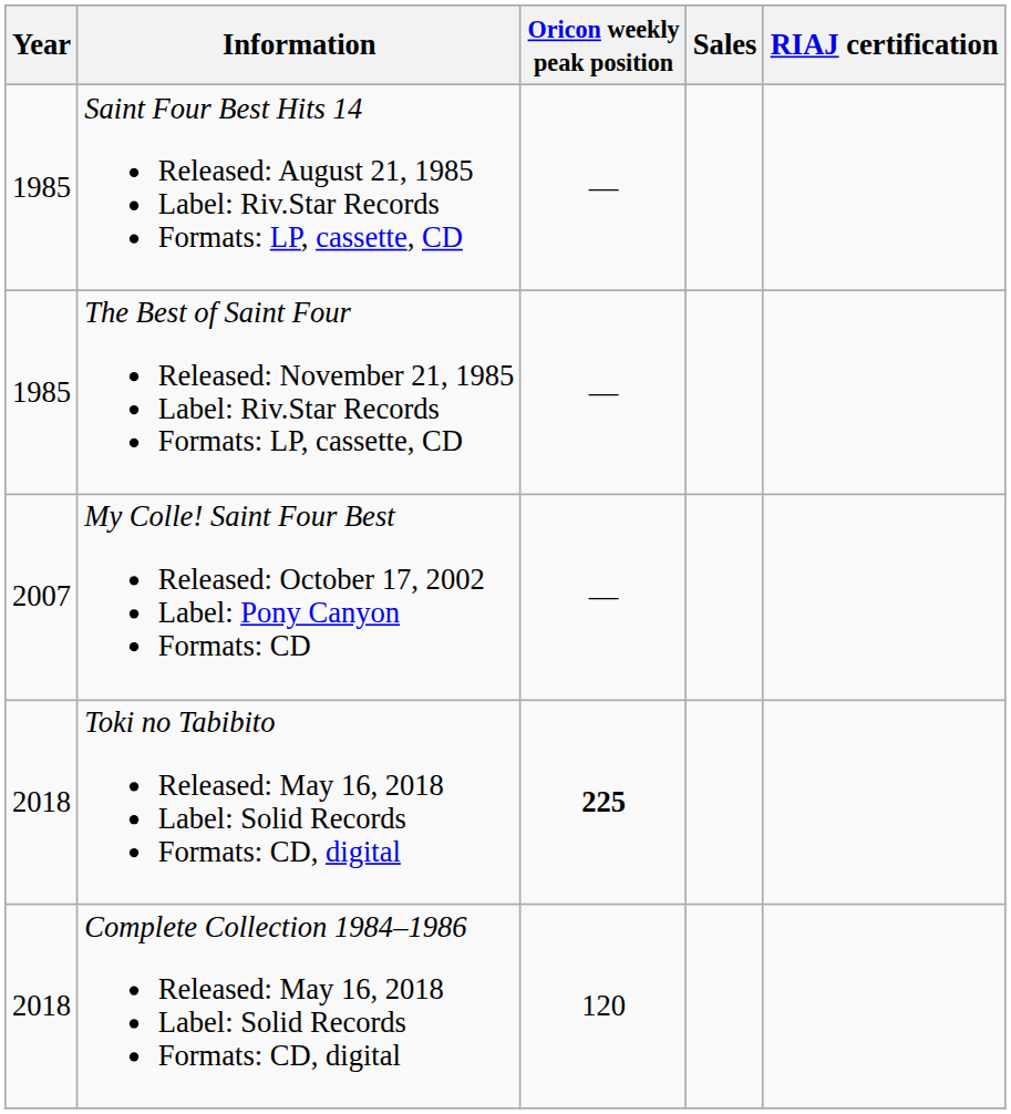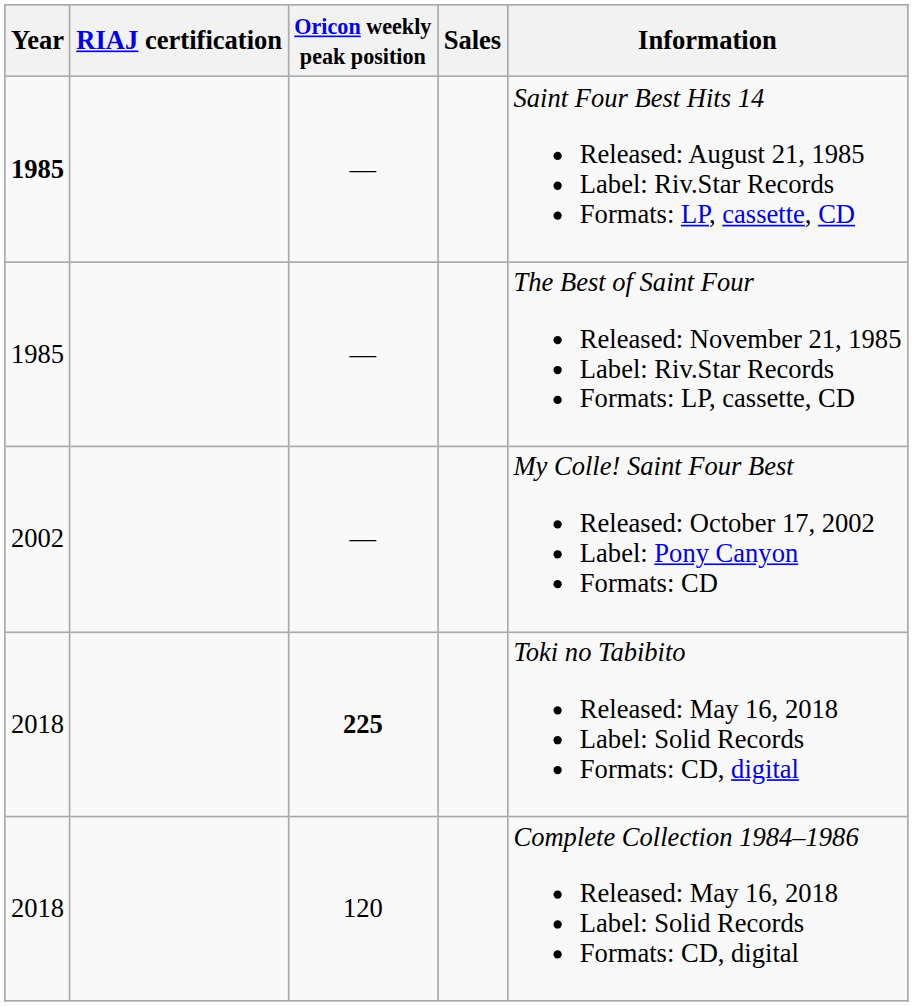 <table class="wikitable">
 <tr>
 <th>Year</th>
-<th>Information</th>
+<th><a href='#'>RIAJ</a> certification</th>
 <th><small><a href='#'>Oricon</a> weekly<br>peak position</small></th>
 <th>Sales<br></th>
-<th><a href='#'>RIAJ</a> certification</th>
+<th>Information</th>
+</tr>
+<tr>
+<td><strong>1985</strong></td>
+<td align="left"></td>
+<td style="text-align:center;">—</td>
+<td align="left"></td>
+<td><em>Saint Four Best Hits 14</em><br><ul><li>Released: August 21, 1985</li><li>Label: Riv.Star Records</li><li>Formats: <a href='#'>LP</a>, <a href='#'>cassette</a>, <a href='#'>CD</a></li></ul></td>
 </tr>
 <tr>
 <td>1985</td>
-<td><em>Saint Four Best Hits 14</em><br><ul><li>Released: August 21, 1985</li><li>Label: Riv.Star Records</li><li>Formats: <a href='#'>LP</a>, <a href='#'>cassette</a>, <a href='#'>CD</a></li></ul></td>
+<td align="left"></td>
 <td style="text-align:center;">—</td>
 <td align="left"></td>
-<td align="left"></td>
+<td><em>The Best of Saint Four</em><br><ul><li>Released: November 21, 1985</li><li>Label: Riv.Star Records</li><li>Formats: LP, cassette, CD</li></ul></td>
 </tr>
 <tr>
-<td>1985</td>
-<td><em>The Best of Saint Four</em><br><ul><li>Released: November 21, 1985</li><li>Label: Riv.Star Records</li><li>Formats: LP, cassette, CD</li></ul></td>
+<td>2002</td>
+<td align="left"></td>
 <td style="text-align:center;">—</td>
 <td align="left"></td>
-<td align="left"></td>
-</tr>
-<tr>
-<td>2007</td>
 <td><em>My Colle! Saint Four Best</em><br><ul><li>Released: October 17, 2002</li><li>Label: <a href='#'>Pony Canyon</a></li><li>Formats: CD</li></ul></td>
-<td style="text-align:center;">—</td>
-<td align="left"></td>
-<td align="left"></td>
 </tr>
 <tr>
 <td>2018</td>
-<td><em>Toki no Tabibito</em><br><ul><li>Released: May 16, 2018</li><li>Label: Solid Records</li><li>Formats: CD, <a href='#'>digital</a></li></ul></td>
+<td align="left"></td>
 <td style="text-align:center;"><strong>225</strong></td>
 <td align="left"></td>
-<td align="left"></td>
+<td><em>Toki no Tabibito</em><br><ul><li>Released: May 16, 2018</li><li>Label: Solid Records</li><li>Formats: CD, <a href='#'>digital</a></li></ul></td>
 </tr>
 <tr>
 <td>2018</td>
-<td><em>Complete Collection 1984–1986</em><br><ul><li>Released: May 16, 2018</li><li>Label: Solid Records</li><li>Formats: CD, digital</li></ul></td>
+<td align="left"></td>
 <td style="text-align:center;">120</td>
 <td align="left"></td>
-<td align="left"></td>
+<td><em>Complete Collection 1984–1986</em><br><ul><li>Released: May 16, 2018</li><li>Label: Solid Records</li><li>Formats: CD, digital</li></ul></td>
 </tr>
 </table>
